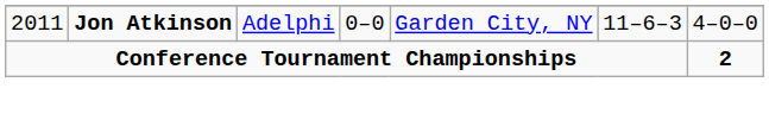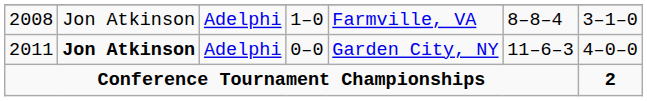 <table class="wikitable" style="font-size:100%;">
 <tr>
+</tr>
+<tr>
+<td>2008</td>
+<td>Jon Atkinson</td>
+<td><a href='#'>Adelphi</a></td>
+<td>1–0</td>
+<td><a href='#'>Farmville, VA</a></td>
+<td>8–8–4</td>
+<td>3–1–0</td>
 </tr>
 <tr>
 <td>2011</td>
 <td><strong>Jon Atkinson</strong></td>
 <td><a href='#'>Adelphi</a></td>
 <td>0–0</td>
 <td><a href='#'>Garden City, NY</a></td>
 <td>11–6–3</td>
 <td>4–0–0</td>
 </tr>
 <tr style="text-align:center; ">
 <td colspan="6"><strong>Conference Tournament Championships</strong></td>
 <td colspan="1"><strong>2</strong></td>
 </tr>
 </table>
